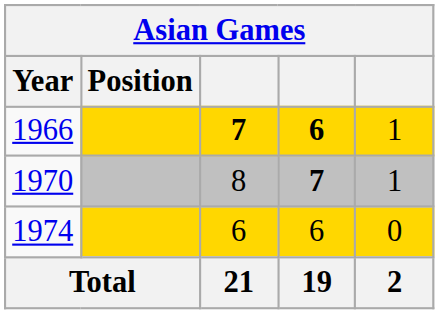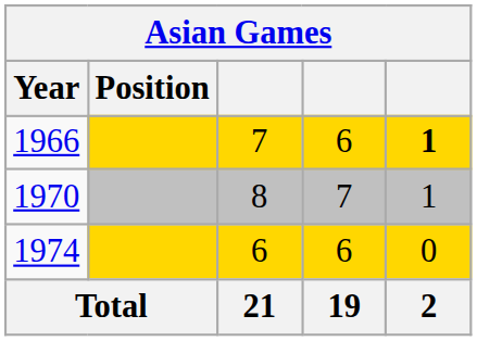 <table class="wikitable" style="text-align: center;font-size:90%;">
 <tr>
 <th colspan=5><a href='#'>Asian Games</a></th>
 </tr>
 <tr>
 <th>Year</th>
 <th>Position</th>
 <th width=30></th>
 <th width=30></th>
 <th width=30></th>
 </tr>
 <tr>
 <td> <a href='#'>1966</a></td>
 <td bgcolor=gold></td>
-<td bgcolor=gold><strong>7</strong></td>
-<td bgcolor=gold><strong>6</strong></td>
-<td bgcolor=gold>1</td>
+<td bgcolor=gold>7</td>
+<td bgcolor=gold>6</td>
+<td bgcolor=gold><strong>1</strong></td>
 </tr>
 <tr>
 <td> <a href='#'>1970</a></td>
 <td bgcolor=silver></td>
 <td bgcolor=silver>8</td>
-<td bgcolor=silver><strong>7</strong></td>
+<td bgcolor=silver>7</td>
 <td bgcolor=silver>1</td>
 </tr>
 <tr>
 <td> <a href='#'>1974</a></td>
 <td bgcolor=gold></td>
 <td bgcolor=gold>6</td>
 <td bgcolor=gold>6</td>
 <td bgcolor=gold>0</td>
 </tr>
 <tr>
 <th colspan=2>Total</th>
 <th>21</th>
 <th>19</th>
 <th>2</th>
 </tr>
 </table>
